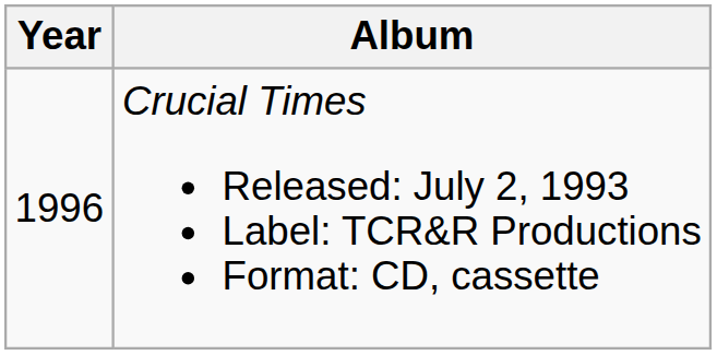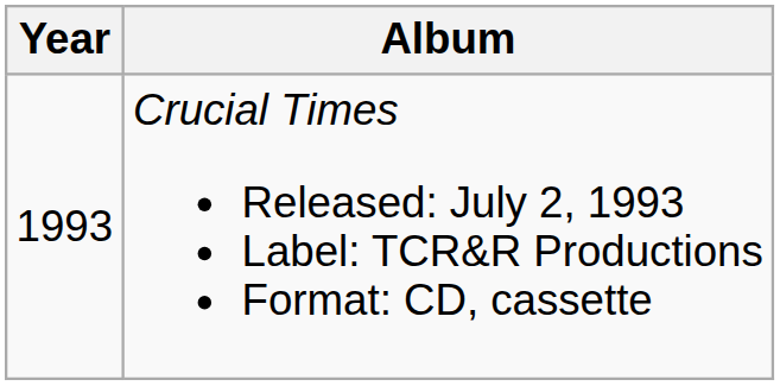 <table class="wikitable" style="text-align:center;">
 <tr>
 <th>Year</th>
 <th>Album</th>
 </tr>
 <tr>
-<td>1996</td>
+<td>1993</td>
 <td align="left"><em>Crucial Times</em><br><ul><li>Released: July 2, 1993</li><li>Label: TCR&R Productions</li><li>Format: CD, cassette</li></ul></td>
 </tr>
 </table>
